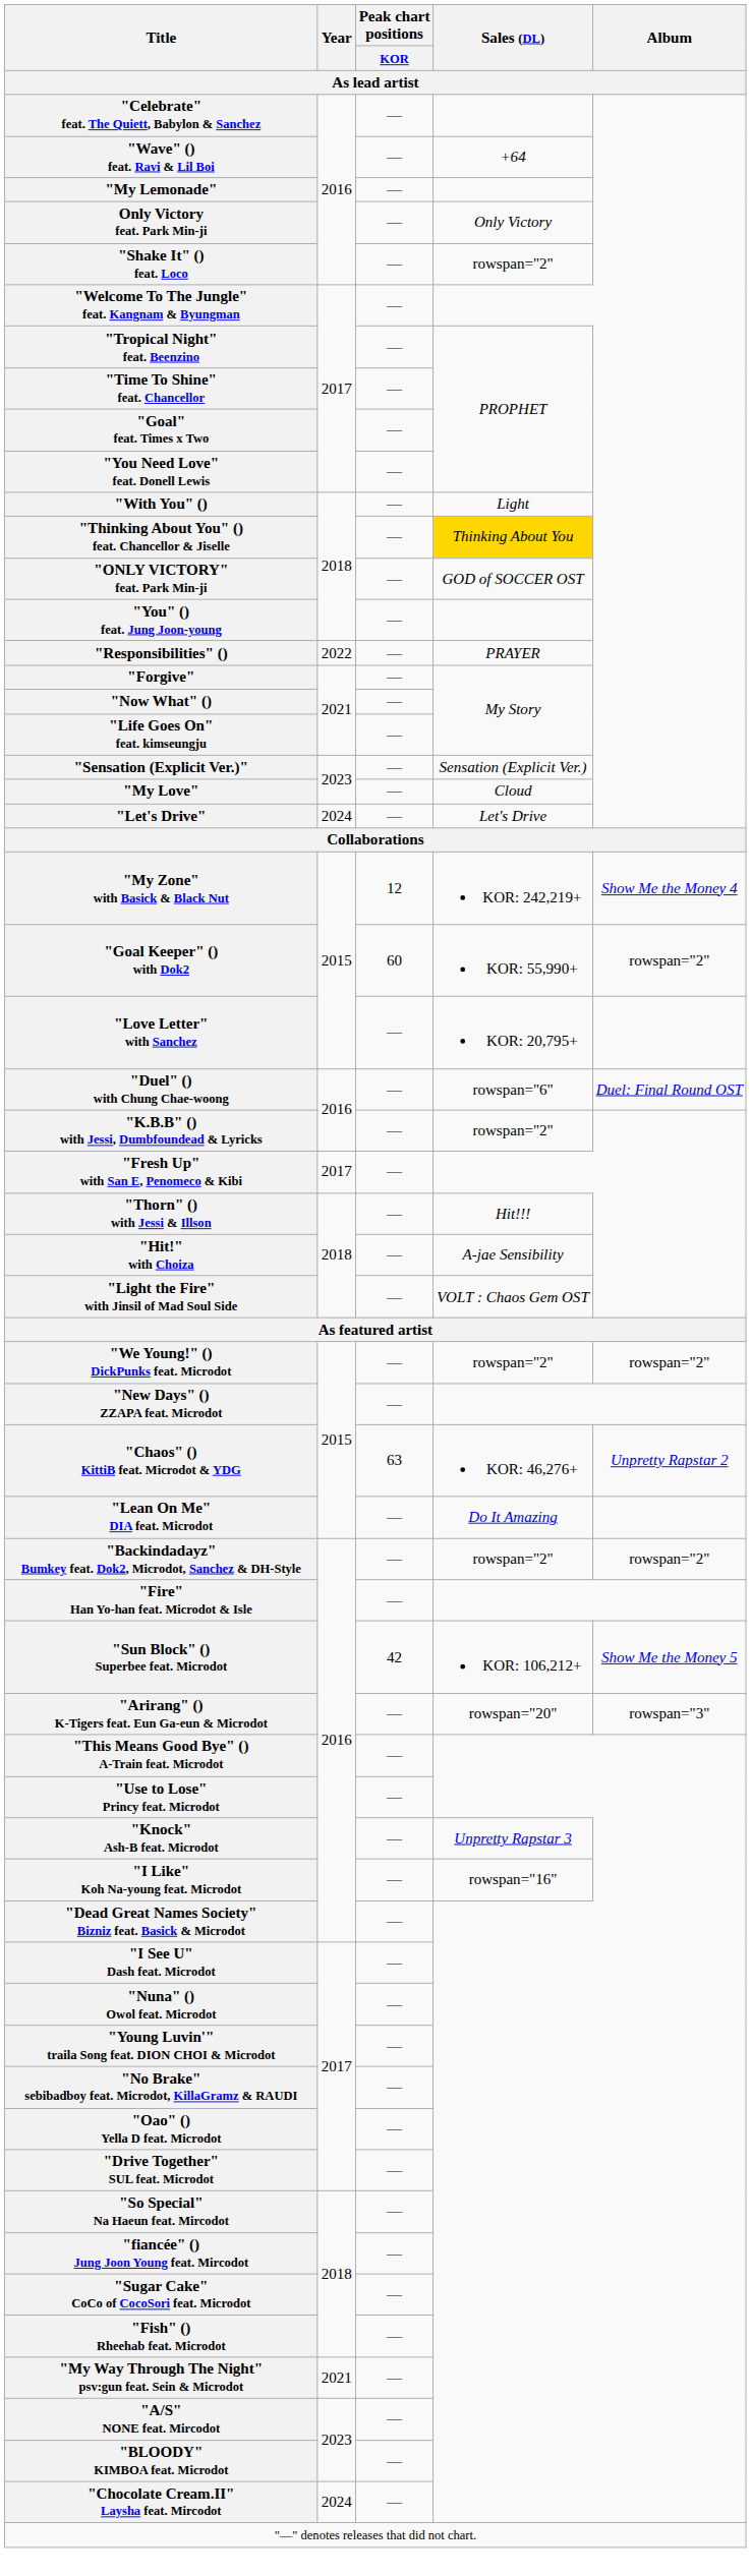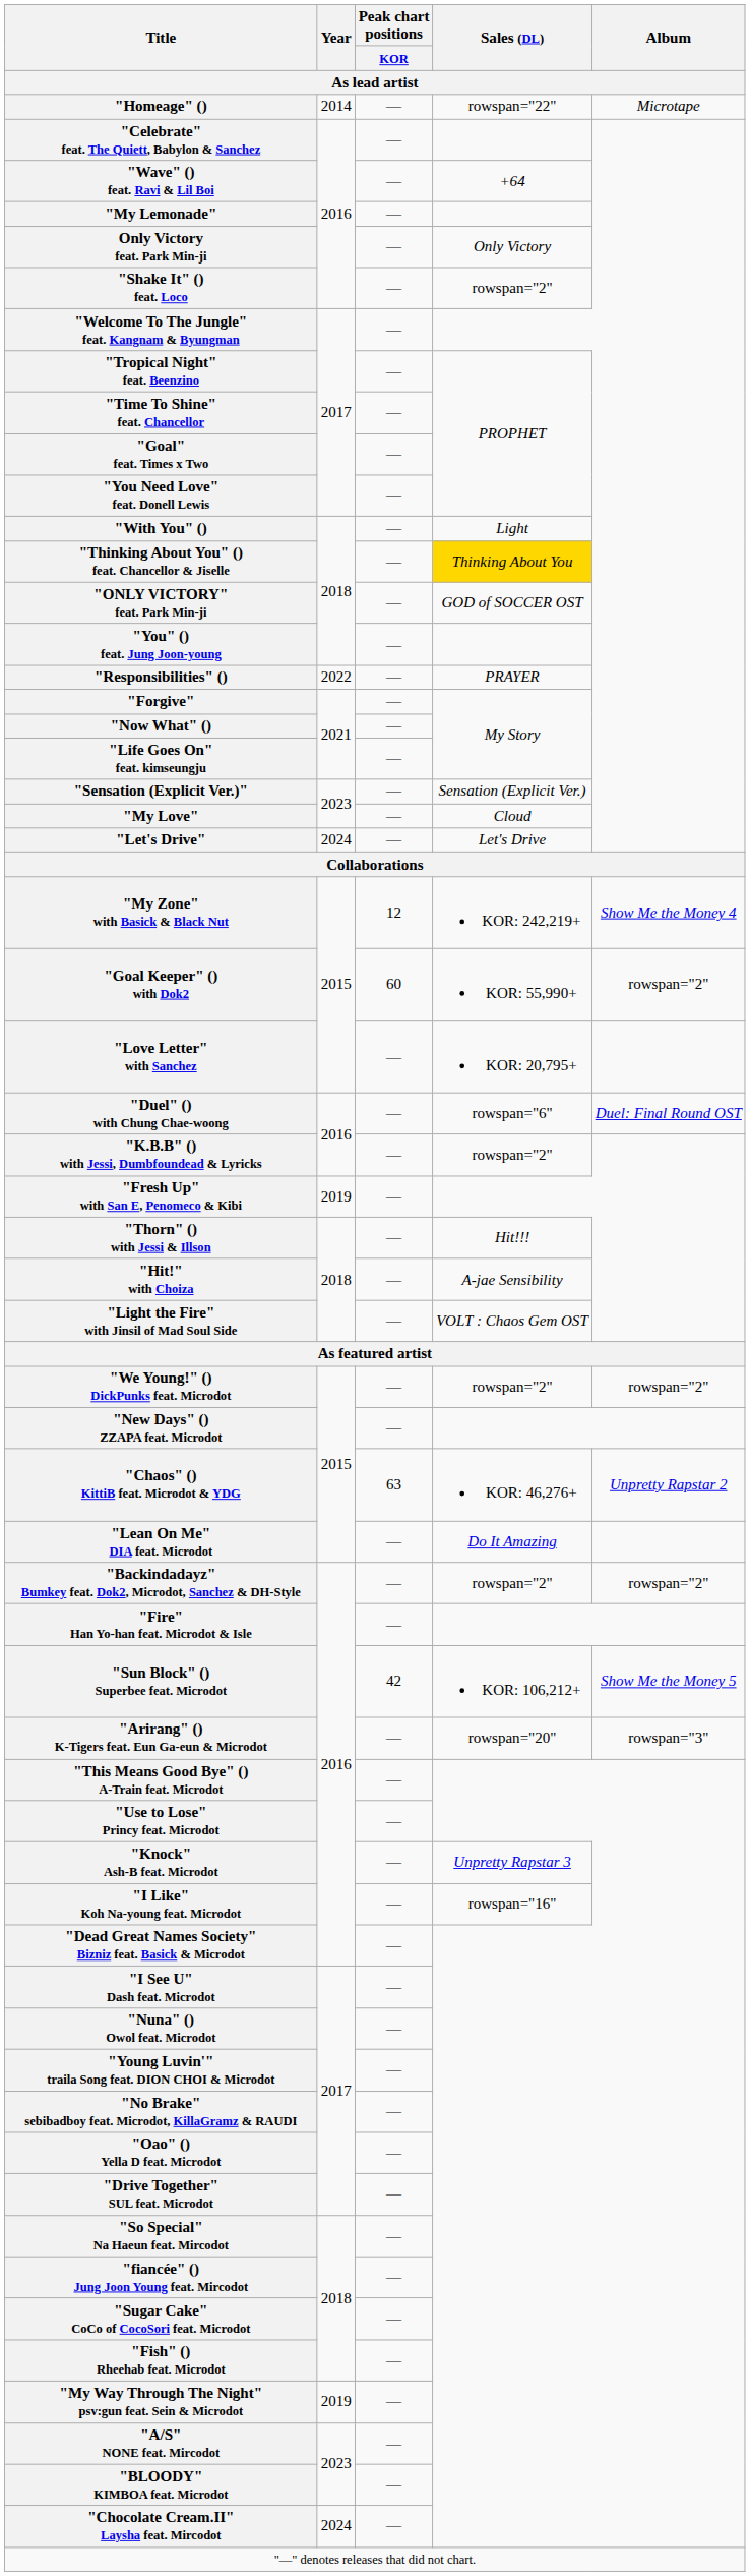 <table class="wikitable plainrowheaders" style="text-align:center;">
 <tr>
 <th scope="col" rowspan="2" style="width:20em;">Title</th>
 <th scope="col" rowspan="2">Year</th>
 <th scope="col" colspan="1">Peak chart <br> positions</th>
 <th scope="col" rowspan="2">Sales <small>(<a href='#'>DL</a>)</small></th>
 <th scope="col" rowspan="2">Album</th>
 </tr>
 <tr>
 <th><small><a href='#'>KOR</a></small><br></th>
 </tr>
 <tr>
 <th scope="col" colspan="5">As lead artist</th>
+</tr>
+<tr>
+<th scope="row">"Homeage" ()</th>
+<td>2014</td>
+<td>—</td>
+<td>rowspan="22" </td>
+<td><em>Microtape</em></td>
 </tr>
 <tr>
 <th scope="row">"Celebrate" <br><small>feat. <a href='#'>The Quiett</a>, Babylon & <a href='#'>Sanchez</a></small></th>
 <td rowspan="5">2016</td>
 <td>—</td>
 <td></td>
 </tr>
 <tr>
 <th scope="row">"Wave" () <br><small>feat. <a href='#'>Ravi</a> & <a href='#'>Lil Boi</a></small></th>
 <td>—</td>
 <td><em>+64</em></td>
 </tr>
 <tr>
 <th scope="row">"My Lemonade"</th>
 <td>—</td>
 <td></td>
 </tr>
 <tr>
 <th scope="row">Only Victory <br><small>feat. Park Min-ji</small></th>
 <td>—</td>
 <td><em>Only Victory</em></td>
 </tr>
 <tr>
 <th scope="row">"Shake It" () <br><small>feat. <a href='#'>Loco</a></small></th>
 <td>—</td>
 <td>rowspan="2" </td>
 </tr>
 <tr>
 <th scope="row">"Welcome To The Jungle" <br><small>feat. <a href='#'>Kangnam</a> & <a href='#'>Byungman</a></small></th>
 <td rowspan="5">2017</td>
 <td>—</td>
 </tr>
 <tr>
 <th scope="row">"Tropical Night" <br><small>feat. <a href='#'>Beenzino</a></small></th>
 <td>—</td>
 <td rowspan="4"><em>PROPHET</em></td>
 </tr>
 <tr>
 <th scope="row">"Time To Shine" <br><small>feat. <a href='#'>Chancellor</a></small></th>
 <td>—</td>
 </tr>
 <tr>
 <th scope="row">"Goal" <br><small>feat. Times x Two</small></th>
 <td>—</td>
 </tr>
 <tr>
 <th scope="row">"You Need Love" <br><small>feat. Donell Lewis</small></th>
 <td>—</td>
 </tr>
 <tr>
 <th scope="row">"With You" ()</th>
 <td rowspan="4">2018</td>
 <td>—</td>
 <td><em>Light</em></td>
 </tr>
 <tr>
 <th scope="row">"Thinking About You" () <br><small>feat. Chancellor & Jiselle</small></th>
 <td>—</td>
 <td style="background: gold;"><em>Thinking About You</em></td>
 </tr>
 <tr>
 <th scope="row">"ONLY VICTORY" <br><small>feat. Park Min-ji</small></th>
 <td>—</td>
 <td><em>GOD of SOCCER OST</em></td>
 </tr>
 <tr>
 <th scope="row">"You" () <br><small>feat. <a href='#'>Jung Joon-young</a></small></th>
 <td>—</td>
 <td></td>
 </tr>
 <tr>
 <th scope="row">"Responsibilities" ()</th>
 <td>2022</td>
 <td>—</td>
 <td><em>PRAYER</em></td>
 </tr>
 <tr>
 <th scope="row">"Forgive"</th>
 <td rowspan="3">2021</td>
 <td>—</td>
 <td rowspan="3"><em>My Story</em></td>
 </tr>
 <tr>
 <th scope="row">"Now What" ()</th>
 <td>—</td>
 </tr>
 <tr>
 <th scope="row">"Life Goes On" <br><small>feat. kimseungju</small></th>
 <td>—</td>
 </tr>
 <tr>
 <th scope="row">"Sensation (Explicit Ver.)"</th>
 <td rowspan="2">2023</td>
 <td>—</td>
 <td><em>Sensation (Explicit Ver.)</em></td>
 </tr>
 <tr>
 <th scope="row">"My Love"</th>
 <td>—</td>
 <td><em>Cloud</em></td>
 </tr>
 <tr>
 <th scope="row">"Let's Drive"</th>
 <td>2024</td>
 <td>—</td>
 <td><em>Let's Drive</em></td>
 </tr>
 <tr>
 <th scope="col" colspan="5">Collaborations</th>
 </tr>
 <tr>
 <th scope="row">"My Zone" <br><small>with <a href='#'>Basick</a> & <a href='#'>Black Nut</a></small></th>
 <td rowspan="3">2015</td>
 <td>12</td>
 <td><br><ul><li>KOR: 242,219+</li></ul></td>
 <td><em><a href='#'>Show Me the Money 4</a></em></td>
 </tr>
 <tr>
 <th scope="row">"Goal Keeper" () <br><small>with <a href='#'>Dok2</a></small></th>
 <td>60</td>
 <td><br><ul><li>KOR: 55,990+</li></ul></td>
 <td>rowspan="2" </td>
 </tr>
 <tr>
 <th scope="row">"Love Letter" <br><small>with <a href='#'>Sanchez</a></small></th>
 <td>—</td>
 <td><br><ul><li>KOR: 20,795+</li></ul></td>
 </tr>
 <tr>
 <th scope="row">"Duel" () <br><small>with Chung Chae-woong</small></th>
 <td rowspan="2">2016</td>
 <td>—</td>
 <td>rowspan="6" </td>
 <td><em><a href='#'>Duel: Final Round OST</a></em></td>
 </tr>
 <tr>
 <th scope="row">"K.B.B" () <br><small>with <a href='#'>Jessi</a>, <a href='#'>Dumbfoundead</a> & Lyricks</small></th>
 <td>—</td>
 <td>rowspan="2" </td>
 </tr>
 <tr>
 <th scope="row">"Fresh Up"  <br><small>with <a href='#'>San E</a>, <a href='#'>Penomeco</a> & Kibi</small></th>
-<td>2017</td>
+<td>2019</td>
 <td>—</td>
 </tr>
 <tr>
 <th scope="row">"Thorn" () <br><small>with <a href='#'>Jessi</a> & <a href='#'>Illson</a></small></th>
 <td rowspan="3">2018</td>
 <td>—</td>
 <td><em>Hit!!!</em></td>
 </tr>
 <tr>
 <th scope="row">"Hit!" <br><small>with <a href='#'>Choiza</a></small></th>
 <td>—</td>
 <td><em>A-jae Sensibility</em></td>
 </tr>
 <tr>
 <th scope="row">"Light the Fire" <br><small>with Jinsil of Mad Soul Side</small></th>
 <td>—</td>
 <td><em>VOLT : Chaos Gem OST</em></td>
 </tr>
 <tr>
 <th scope="col" colspan="5">As featured artist</th>
 </tr>
 <tr>
 <th scope="row">"We Young!" () <br><small><a href='#'>DickPunks</a> feat. Microdot</small></th>
 <td rowspan="4">2015</td>
 <td>—</td>
 <td>rowspan="2" </td>
 <td>rowspan="2" </td>
 </tr>
 <tr>
 <th scope="row">"New Days" () <br><small>ZZAPA feat. Microdot</small></th>
 <td>—</td>
 </tr>
 <tr>
 <th scope="row">"Chaos" () <br><small><a href='#'>KittiB</a> feat. Microdot & <a href='#'>YDG</a></small></th>
 <td>63</td>
 <td><br><ul><li>KOR: 46,276+</li></ul></td>
 <td><em><a href='#'>Unpretty Rapstar 2</a></em></td>
 </tr>
 <tr>
 <th scope="row">"Lean On Me"  <br><small><a href='#'>DIA</a> feat. Microdot</small></th>
 <td>—</td>
 <td><em><a href='#'>Do It Amazing</a></em></td>
 </tr>
 <tr>
 <th scope="row">"Backindadayz" <br><small><a href='#'>Bumkey</a> feat. <a href='#'>Dok2</a>, Microdot, <a href='#'>Sanchez</a> & DH-Style</small></th>
 <td rowspan="9">2016</td>
 <td>—</td>
 <td>rowspan="2" </td>
 <td>rowspan="2" </td>
 </tr>
 <tr>
 <th scope="row">"Fire" <br><small>Han Yo-han feat. Microdot & Isle</small></th>
 <td>—</td>
 </tr>
 <tr>
 <th scope="row">"Sun Block" () <br><small>Superbee feat. Microdot</small></th>
 <td>42</td>
 <td><br><ul><li>KOR: 106,212+</li></ul></td>
 <td><em><a href='#'>Show Me the Money 5</a></em></td>
 </tr>
 <tr>
 <th scope="row">"Arirang" () <br><small>K-Tigers feat. Eun Ga-eun & Microdot</small></th>
 <td>—</td>
 <td>rowspan="20" </td>
 <td>rowspan="3" </td>
 </tr>
 <tr>
 <th scope="row">"This Means Good Bye" () <br><small>A-Train feat. Microdot</small></th>
 <td>—</td>
 </tr>
 <tr>
 <th scope="row">"Use to Lose" <br><small>Princy feat. Microdot</small></th>
 <td>—</td>
 </tr>
 <tr>
 <th scope="row">"Knock" <br><small>Ash-B feat. Microdot</small></th>
 <td>—</td>
 <td><em><a href='#'>Unpretty Rapstar 3</a></em></td>
 </tr>
 <tr>
 <th scope="row">"I Like" <br><small>Koh Na-young feat. Microdot</small></th>
 <td>—</td>
 <td>rowspan="16" </td>
 </tr>
 <tr>
 <th scope="row">"Dead Great Names Society" <br><small><a href='#'>Bizniz</a> feat. <a href='#'>Basick</a> & Microdot</small></th>
 <td>—</td>
 </tr>
 <tr>
 <th scope="row">"I See U" <br><small>Dash feat. Microdot</small></th>
 <td rowspan="6">2017</td>
 <td>—</td>
 </tr>
 <tr>
 <th scope="row">"Nuna" () <br><small>Owol feat. Microdot</small></th>
 <td>—</td>
 </tr>
 <tr>
 <th scope="row">"Young Luvin'" <br><small>traila Song feat. DION CHOI & Microdot</small></th>
 <td>—</td>
 </tr>
 <tr>
 <th scope="row">"No Brake" <br><small>sebibadboy feat. Microdot, <a href='#'>KillaGramz</a> & RAUDI</small></th>
 <td>—</td>
 </tr>
 <tr>
 <th scope="row">"Oao" () <br><small>Yella D feat. Microdot</small></th>
 <td>—</td>
 </tr>
 <tr>
 <th scope="row">"Drive Together" <br><small>SUL feat. Microdot</small></th>
 <td>—</td>
 </tr>
 <tr>
 <th scope="row">"So Special" <br><small>Na Haeun feat. Mircodot</small></th>
 <td rowspan="4">2018</td>
 <td>—</td>
 </tr>
 <tr>
 <th scope="row">"fiancée" ()<br><small><a href='#'>Jung Joon Young</a> feat. Mircodot</small></th>
 <td>—</td>
 </tr>
 <tr>
 <th scope="row">"Sugar Cake" <br><small>CoCo of <a href='#'>CocoSori</a> feat. Microdot</small></th>
 <td>—</td>
 </tr>
 <tr>
 <th scope="row">"Fish" ()<br><small>Rheehab feat. Microdot</small></th>
 <td>—</td>
 </tr>
 <tr>
 <th scope="row">"My Way Through The Night" <br><small>psv:gun feat. Sein & Microdot</small></th>
-<td>2021</td>
+<td>2019</td>
 <td>—</td>
 </tr>
 <tr>
 <th scope="row">"A/S" <br><small>NONE feat. Mircodot</small></th>
 <td rowspan="2">2023</td>
 <td>—</td>
 </tr>
 <tr>
 <th scope="row">"BLOODY" <br><small>KIMBOA feat. Microdot</small></th>
 <td>—</td>
 </tr>
 <tr>
 <th scope="row">"Chocolate Cream.II"<br><small><a href='#'>Laysha</a> feat. Mircodot</small></th>
 <td>2024</td>
 <td>—</td>
 </tr>
 <tr>
 <td colspan="5" align="center"><small>"—" denotes releases that did not chart.</small></td>
 </tr>
 </table>
